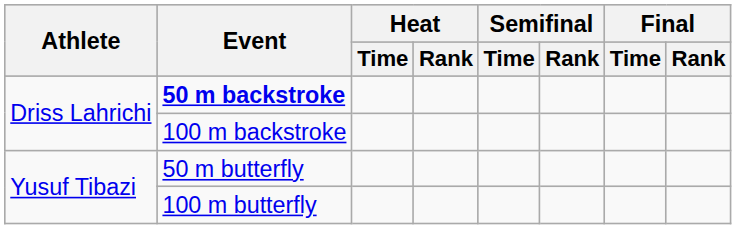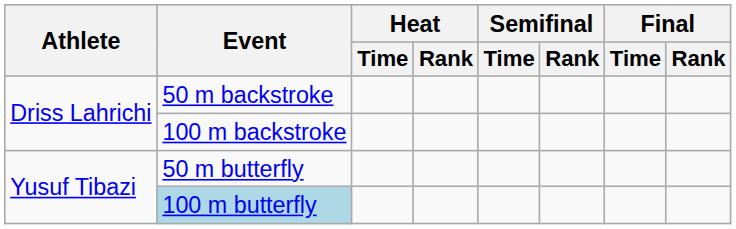 <table class=wikitable style="font-size:90%">
 <tr>
 <th rowspan="2">Athlete</th>
 <th rowspan="2">Event</th>
 <th colspan="2">Heat</th>
 <th colspan="2">Semifinal</th>
 <th colspan="2">Final</th>
 </tr>
 <tr style="font-size:95%">
 <th>Time</th>
 <th>Rank</th>
 <th>Time</th>
 <th>Rank</th>
 <th>Time</th>
 <th>Rank</th>
 </tr>
 <tr align=center>
 <td align=left rowspan=2><a href='#'>Driss Lahrichi</a></td>
-<td align=left><strong><a href='#'>50 m backstroke</a></strong></td>
+<td align=left><a href='#'>50 m backstroke</a></td>
 <td></td>
 <td></td>
 <td></td>
 <td></td>
 <td></td>
 <td></td>
 </tr>
 <tr align=center>
 <td align=left><a href='#'>100 m backstroke</a></td>
 <td></td>
 <td></td>
 <td></td>
 <td></td>
 <td></td>
 <td></td>
 </tr>
 <tr align=center>
 <td align=left rowspan=2><a href='#'>Yusuf Tibazi</a></td>
 <td align=left><a href='#'>50 m butterfly</a></td>
 <td></td>
 <td></td>
 <td></td>
 <td></td>
 <td></td>
 <td></td>
 </tr>
 <tr align=center>
-<td align=left><a href='#'>100 m butterfly</a></td>
+<td align=left style="background: lightblue;"><a href='#'>100 m butterfly</a></td>
 <td></td>
 <td></td>
 <td></td>
 <td></td>
 <td></td>
 <td></td>
 </tr>
 </table>
